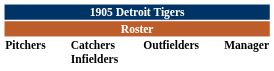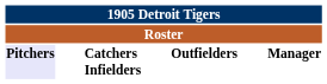 <table class="toccolours" style="font-size: 95%;">
 <tr>
 <th colspan="10" style="background-color: #003366; color: white; text-align: center;">1905 Detroit Tigers</th>
 </tr>
 <tr>
 <td colspan="10" style="background-color: #bd5d29; color: white; text-align: center;"><strong>Roster</strong></td>
 </tr>
 <tr>
-<td valign="top"><strong>Pitchers</strong><br>            </td>
+<td valign="top" style="background: lavender;"><strong>Pitchers</strong><br>            </td>
 <td width="25px"></td>
 <td valign="top"><strong>Catchers</strong><br>      <strong>Infielders</strong>     </td>
 <td width="25px"></td>
 <td valign="top"><strong>Outfielders</strong><br>     </td>
 <td width="25px"></td>
 <td valign="top"><strong>Manager</strong><br></td>
 </tr>
 </table>
